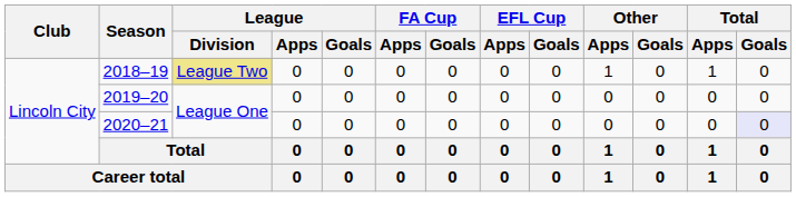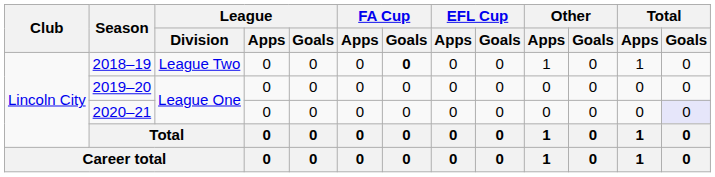 <table class="wikitable" style="text-align:center;">
 <tr>
 <th rowspan="2">Club</th>
 <th rowspan="2">Season</th>
 <th colspan="3">League</th>
 <th colspan="2"><a href='#'>FA Cup</a></th>
 <th colspan="2"><a href='#'>EFL Cup</a></th>
 <th colspan="2">Other</th>
 <th colspan="2">Total</th>
 </tr>
 <tr>
 <th>Division</th>
 <th>Apps</th>
 <th>Goals</th>
 <th>Apps</th>
 <th>Goals</th>
 <th>Apps</th>
 <th>Goals</th>
 <th>Apps</th>
 <th>Goals</th>
 <th>Apps</th>
 <th>Goals</th>
 </tr>
 <tr>
 <td rowspan='4'><a href='#'>Lincoln City</a></td>
 <td><a href='#'>2018–19</a></td>
-<td style="background: khaki;"><a href='#'>League Two</a></td>
+<td><a href='#'>League Two</a></td>
 <td>0</td>
 <td>0</td>
 <td>0</td>
-<td>0</td>
+<td><strong>0</strong></td>
 <td>0</td>
 <td>0</td>
 <td>1</td>
 <td>0</td>
 <td>1</td>
 <td>0</td>
 </tr>
 <tr>
 <td><a href='#'>2019–20</a></td>
 <td rowspan='2'><a href='#'>League One</a></td>
 <td>0</td>
 <td>0</td>
 <td>0</td>
 <td>0</td>
 <td>0</td>
 <td>0</td>
 <td>0</td>
 <td>0</td>
 <td>0</td>
 <td>0</td>
 </tr>
 <tr>
 <td><a href='#'>2020–21</a></td>
 <td>0</td>
 <td>0</td>
 <td>0</td>
 <td>0</td>
 <td>0</td>
 <td>0</td>
 <td>0</td>
 <td>0</td>
 <td>0</td>
 <td style="background: lavender;">0</td>
 </tr>
 <tr>
 <th colspan="2">Total</th>
 <th>0</th>
 <th>0</th>
 <th>0</th>
 <th>0</th>
 <th>0</th>
 <th>0</th>
 <th>1</th>
 <th>0</th>
 <th>1</th>
 <th>0</th>
 </tr>
 <tr>
 <th colspan="3">Career total</th>
 <th>0</th>
 <th>0</th>
 <th>0</th>
 <th>0</th>
 <th>0</th>
 <th>0</th>
 <th>1</th>
 <th>0</th>
 <th>1</th>
 <th>0</th>
 </tr>
 </table>
